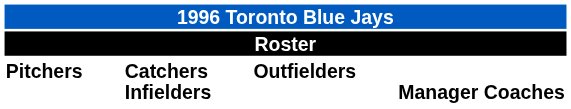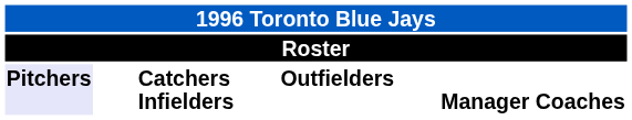 <table class="toccolours" style="font-size: 95%;">
 <tr>
 <th colspan="10" style="background-color: #005ac0; color: #FFFFFF; text-align: center;">1996 Toronto Blue Jays</th>
 </tr>
 <tr>
 <td colspan="10" style="background-color: black; color: white; text-align: center;"><strong>Roster</strong></td>
 </tr>
 <tr>
-<td valign="top"><strong>Pitchers</strong><br>                   </td>
+<td valign="top" style="background: lavender;"><strong>Pitchers</strong><br>                   </td>
 <td width="25px"></td>
 <td valign="top"><strong>Catchers</strong><br>   <strong>Infielders</strong>          </td>
 <td width="25px"></td>
 <td valign="top"><strong>Outfielders</strong><br>       </td>
 <td width="25px"></td>
 <td valign="top"><br><strong>Manager</strong>  <strong>Coaches</strong>     </td>
 </tr>
 </table>
